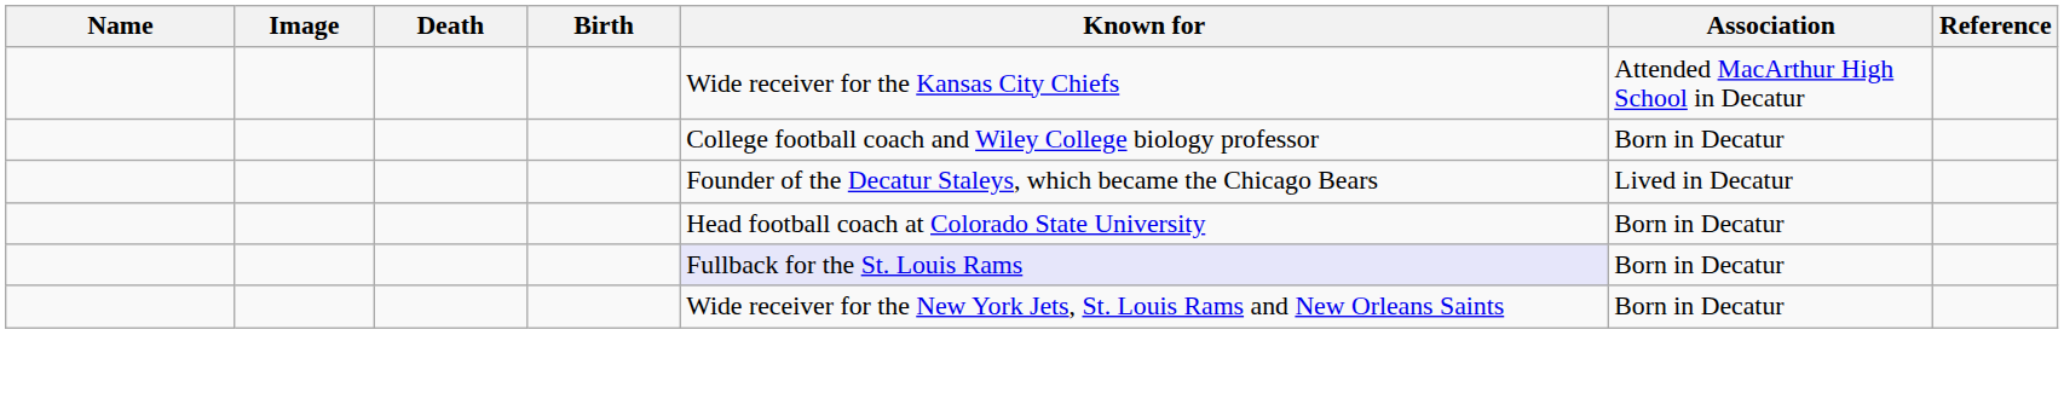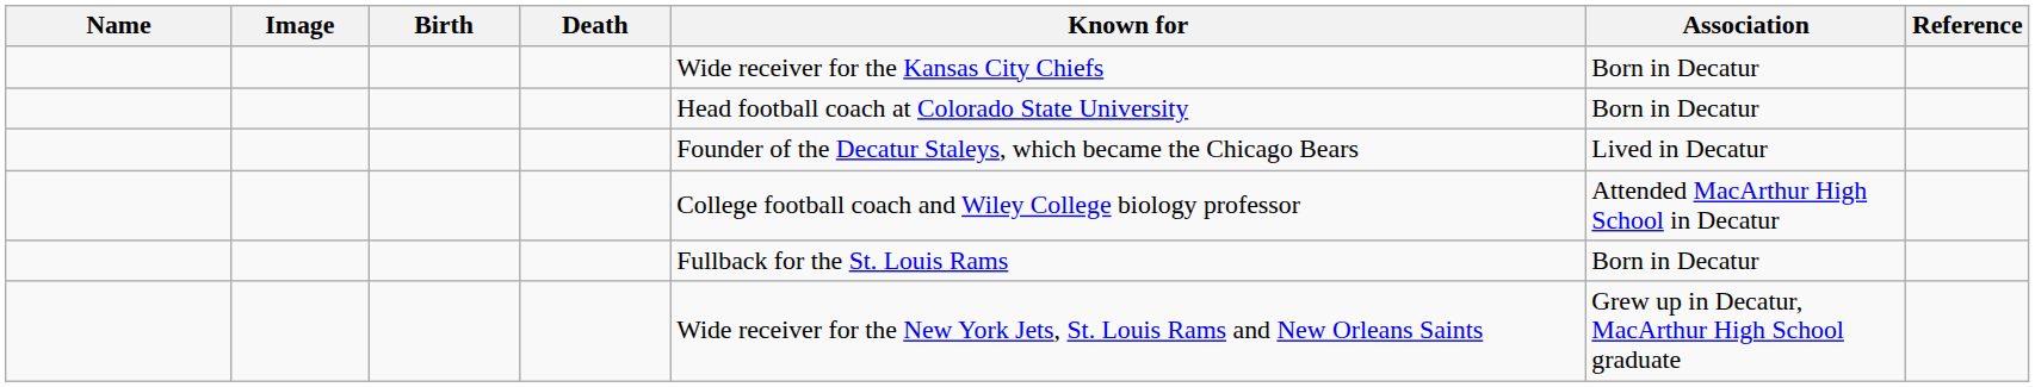 <table class="wikitable sortable">
 <tr>
 <th scope="col" style="width:140px;">Name</th>
 <th scope="col" style="width:80px;" class="unsortable">Image</th>
+<th scope="col" style="width:90px;">Birth</th>
 <th scope="col" style="width:90px;">Death</th>
-<th scope="col" style="width:90px;">Birth</th>
 <th scope="col" style="width:600px;" class="unsortable">Known for</th>
 <th scope="col" style="width:200px;" class="unsortable">Association</th>
 <th scope="col" style="width:30px;" class="unsortable">Reference</th>
 </tr>
 <tr>
 <td></td>
 <td></td>
 <td align=right></td>
 <td align=right></td>
 <td>Wide receiver for the <a href='#'>Kansas City Chiefs</a></td>
-<td>Attended <a href='#'>MacArthur High School</a> in Decatur</td>
+<td>Born in Decatur</td>
 <td style="text-align:center;"></td>
 </tr>
 <tr>
 <td></td>
 <td></td>
 <td align=right></td>
 <td align=right></td>
-<td>College football coach and <a href='#'>Wiley College</a> biology professor</td>
+<td>Head football coach at <a href='#'>Colorado State University</a></td>
 <td>Born in Decatur</td>
 <td style="text-align:center;"></td>
 </tr>
 <tr>
 <td></td>
 <td></td>
 <td align=right></td>
 <td align=right></td>
 <td>Founder of the <a href='#'>Decatur Staleys</a>, which became the Chicago Bears</td>
 <td>Lived in Decatur</td>
 <td style="text-align:center;"></td>
 </tr>
 <tr>
 <td></td>
 <td></td>
 <td align=right></td>
 <td align=right></td>
-<td>Head football coach at <a href='#'>Colorado State University</a></td>
-<td>Born in Decatur</td>
+<td>College football coach and <a href='#'>Wiley College</a> biology professor</td>
+<td>Attended <a href='#'>MacArthur High School</a> in Decatur</td>
 <td style="text-align:center;"></td>
 </tr>
 <tr>
 <td></td>
 <td></td>
 <td align=right></td>
 <td align=right></td>
-<td style="background: lavender;">Fullback for the <a href='#'>St. Louis Rams</a></td>
+<td>Fullback for the <a href='#'>St. Louis Rams</a></td>
 <td>Born in Decatur</td>
 <td style="text-align:center;"></td>
 </tr>
 <tr>
 <td></td>
 <td></td>
 <td align=right></td>
 <td align=right></td>
 <td>Wide receiver for the <a href='#'>New York Jets</a>, <a href='#'>St. Louis Rams</a> and <a href='#'>New Orleans Saints</a></td>
-<td>Born in Decatur</td>
+<td>Grew up in Decatur, <a href='#'>MacArthur High School</a> graduate</td>
 <td style="text-align:center;"></td>
 </tr>
 </table>
